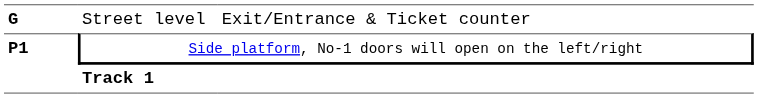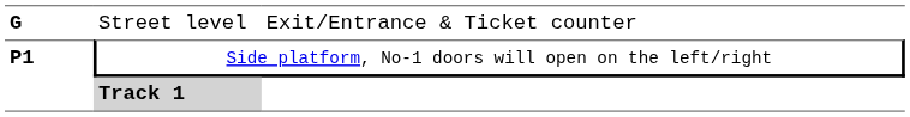 <table table border=0 cellspacing=0 cellpadding=3>
 <tr>
 <td style="border-top:solid 1px gray;" width=50 valign=top><strong>G</strong></td>
 <td style="border-top:solid 1px gray;" width=100 valign=top>Street level</td>
 <td style="border-top:solid 1px gray;" width=400 valign=top>Exit/Entrance & Ticket counter</td>
 </tr>
 <tr>
 <td style="border-top:solid 1px gray;border-bottom:solid 1px gray;" width=50 rowspan=6 valign=top><strong>P1</strong></td>
 <td style="border-top:solid 1px gray;border-right:solid 2px black;border-left:solid 2px black;border-bottom:solid 2px black;text-align:center;" colspan=2><small><a href='#'>Side platform</a>, No-1 doors will open on the left/right</small></td>
 </tr>
 <tr>
-<td style="border-bottom:solid 1px gray;" width=100><strong>Track 1</strong></td>
+<td style="background: lightgrey; border-bottom:solid 1px gray;" width=100><strong>Track 1</strong></td>
 <td style="border-bottom:solid 1px gray;" width=400></td>
 </tr>
 <tr>
 </tr>
 </table>
